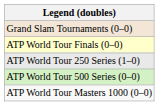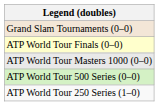 <table class=wikitable style=font-size:97%>
 <tr>
 <th>Legend (doubles)</th>
 </tr>
 <tr style="background:#f3e6d7;">
 <td>Grand Slam Tournaments (0–0)</td>
 </tr>
 <tr style="background:#ffc;">
 <td>ATP World Tour Finals (0–0)</td>
 </tr>
 <tr style="background:#e9e9e9;">
-<td>ATP World Tour 250 Series (1–0)</td>
+<td>ATP World Tour Masters 1000 (0–0)</td>
 </tr>
 <tr style="background:#d4f1c5;">
 <td>ATP World Tour 500 Series (0–0)</td>
 </tr>
 <tr>
-<td>ATP World Tour Masters 1000 (0–0)</td>
+<td>ATP World Tour 250 Series (1–0)</td>
 </tr>
 </table>
